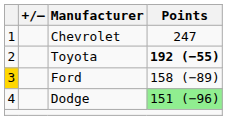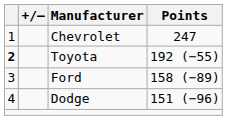 <table class="wikitable">
 <tr>
 <th scope="col"></th>
 <th scope="col">+/–</th>
 <th scope="col">Manufacturer</th>
 <th scope="col">Points</th>
 </tr>
 <tr>
 <td>1</td>
 <td align="left"></td>
 <td>Chevrolet</td>
 <td style="text-align:center;">247</td>
 </tr>
 <tr>
-<td>2</td>
+<td><strong>2</strong></td>
 <td align="left"></td>
 <td>Toyota</td>
-<td style="text-align:center;"><strong>192 (−55)</strong></td>
+<td style="text-align:center;">192 (−55)</td>
 </tr>
 <tr>
-<td style="background: gold;">3</td>
+<td>3</td>
 <td align="left"></td>
 <td>Ford</td>
 <td style="text-align:center;">158 (−89)</td>
 </tr>
 <tr>
 <td>4</td>
 <td align="left"></td>
 <td>Dodge</td>
-<td style="background: lightgreen; text-align:center;">151 (−96)</td>
+<td style="text-align:center;">151 (−96)</td>
 </tr>
 <tr class="sortbottom">
 <td colspan="9"></td>
 </tr>
 </table>
